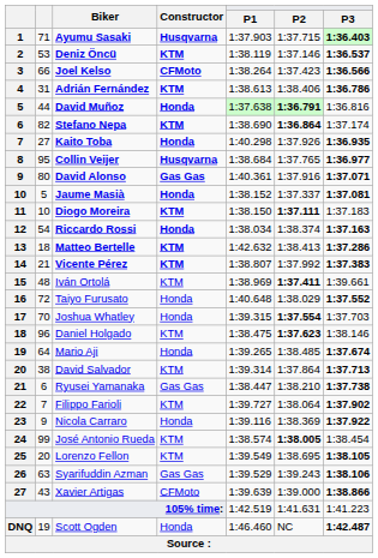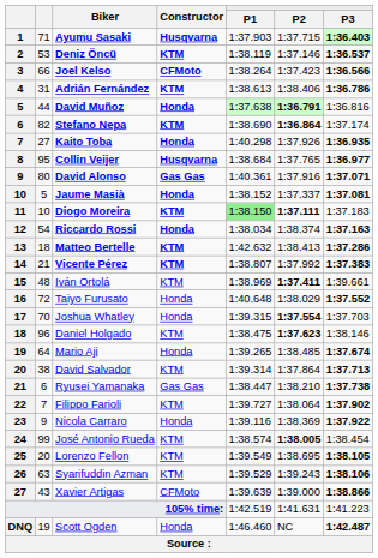 <table class="wikitable sortable" style="font-size: 85%;">
 <tr>
 <th rowspan="2"></th>
 <th rowspan="2"></th>
 <th rowspan="2">Biker</th>
 <th rowspan="2">Constructor</th>
 <th colspan="3" style="background:#eaecf0; text-align:center;"></th>
 </tr>
 <tr>
 <th scope="col">P1</th>
 <th scope="col">P2</th>
 <th scope="col">P3</th>
 </tr>
 <tr>
 <th scope="row">1</th>
 <td align="center">71</td>
 <td> <strong><a href='#'>Ayumu Sasaki</a></strong></td>
 <td><strong><a href='#'>Husqvarna</a></strong></td>
 <td>1:37.903</td>
 <td>1:37.715</td>
 <td style="background:#ccffcc;"><strong>1:36.403</strong></td>
 </tr>
 <tr>
 <th scope="row">2</th>
 <td align="center">53</td>
 <td><strong> <a href='#'>Deniz Öncü</a></strong></td>
 <td><strong><a href='#'>KTM</a></strong></td>
 <td>1:38.119</td>
 <td>1:37.146</td>
 <td><strong>1:36.537</strong></td>
 </tr>
 <tr>
 <th scope="row">3</th>
 <td align="center">66</td>
 <td><strong> <a href='#'>Joel Kelso</a></strong></td>
 <td><strong><a href='#'>CFMoto</a></strong></td>
 <td>1:38.264</td>
 <td>1:37.423</td>
 <td><strong>1:36.566</strong></td>
 </tr>
 <tr>
 <th scope="row">4</th>
 <td align="center">31</td>
 <td> <strong><a href='#'> Adrián Fernández</a></strong></td>
 <td><strong><a href='#'>KTM</a></strong></td>
 <td>1:38.613</td>
 <td>1:38.406</td>
 <td><strong>1:36.786</strong></td>
 </tr>
 <tr>
 <th scope="row">5</th>
 <td align="center">44</td>
 <td><strong></strong> <strong><a href='#'>David Muñoz</a></strong></td>
 <td><strong><a href='#'>Honda</a></strong></td>
 <td style="background:#ccffcc;">1:37.638</td>
 <td style="background:#ccffcc;"><strong>1:36.791</strong></td>
 <td>1:36.816</td>
 </tr>
 <tr>
 <th scope="row">6</th>
 <td align="center">82</td>
 <td> <strong><a href='#'>Stefano Nepa</a></strong></td>
 <td><strong><a href='#'>KTM</a></strong></td>
 <td>1:38.690</td>
 <td><strong>1:36.864</strong></td>
 <td>1:37.174</td>
 </tr>
 <tr>
 <th scope="row">7</th>
 <td align="center">27</td>
 <td><strong> <a href='#'>Kaito Toba</a></strong></td>
 <td><strong><a href='#'>Honda</a></strong></td>
 <td>1:40.298</td>
 <td>1:37.926</td>
 <td><strong>1:36.935</strong></td>
 </tr>
 <tr>
 <th scope="row">8</th>
 <td align="center">95</td>
 <td><strong> <a href='#'>Collin Veijer</a></strong></td>
 <td><strong><a href='#'>Husqvarna</a></strong></td>
 <td>1:38.684</td>
 <td>1:37.765</td>
 <td><strong>1:36.977</strong></td>
 </tr>
 <tr>
 <th scope="row">9</th>
 <td align="center">80</td>
 <td><strong> <a href='#'>David Alonso</a></strong></td>
 <td><strong><a href='#'>Gas Gas</a></strong></td>
 <td>1:40.361</td>
 <td>1:37.916</td>
 <td><strong>1:37.071</strong></td>
 </tr>
 <tr>
 <th scope="row">10</th>
 <td align="center">5</td>
 <td><strong> <a href='#'>Jaume Masià</a></strong></td>
 <td><strong><a href='#'>Honda</a></strong></td>
 <td>1:38.152</td>
 <td>1:37.337</td>
 <td><strong>1:37.081</strong></td>
 </tr>
 <tr>
 <th scope="row">11</th>
 <td align="center">10</td>
 <td> <strong><a href='#'>Diogo Moreira</a></strong></td>
 <td><strong><a href='#'>KTM</a></strong></td>
-<td>1:38.150</td>
+<td style="background: lightgreen;">1:38.150</td>
 <td><strong>1:37.111</strong></td>
 <td>1:37.183</td>
 </tr>
 <tr>
 <th scope="row">12</th>
 <td align="center">54</td>
 <td><strong> <a href='#'>Riccardo Rossi</a></strong></td>
 <td><strong><a href='#'>Honda</a></strong></td>
 <td>1:38.034</td>
 <td>1:38.374</td>
 <td><strong>1:37.163</strong></td>
 </tr>
 <tr>
 <th scope="row">13</th>
 <td align="center">18</td>
 <td><strong> <a href='#'>Matteo Bertelle</a></strong></td>
 <td><strong><a href='#'>KTM</a></strong></td>
 <td>1:42.632</td>
 <td>1:38.413</td>
 <td><strong>1:37.286</strong></td>
 </tr>
 <tr>
 <th scope="row">14</th>
 <td align="center">21</td>
 <td><strong></strong> <strong><a href='#'>Vicente Pérez</a></strong></td>
 <td><strong><a href='#'>KTM</a></strong></td>
 <td>1:38.807</td>
 <td>1:37.992</td>
 <td><strong>1:37.383</strong></td>
 </tr>
 <tr>
 <th scope="row">15</th>
 <td align="center">48</td>
 <td> <a href='#'>Iván Ortolá</a></td>
 <td><a href='#'>KTM</a></td>
 <td>1:38.969</td>
 <td><strong>1:37.411</strong></td>
 <td>1:39.661</td>
 </tr>
 <tr>
 <th scope="row">16</th>
 <td align="center">72</td>
 <td> <a href='#'>Taiyo Furusato</a></td>
 <td><a href='#'>Honda</a></td>
 <td>1:40.648</td>
 <td>1:38.029</td>
 <td><strong>1:37.552</strong></td>
 </tr>
 <tr>
 <th scope="row">17</th>
 <td align="center">70</td>
 <td> <a href='#'>Joshua Whatley</a></td>
 <td><a href='#'>Honda</a></td>
 <td>1:39.315</td>
 <td><strong>1:37.554</strong></td>
 <td>1:37.703</td>
 </tr>
 <tr>
 <th scope="row">18</th>
 <td align="center">96</td>
 <td> <a href='#'>Daniel Holgado</a></td>
 <td><a href='#'>KTM</a></td>
 <td>1:38.475</td>
 <td><strong>1:37.623</strong></td>
 <td>1:38.146</td>
 </tr>
 <tr>
 <th scope="row">19</th>
 <td align="center">64</td>
 <td> <a href='#'>Mario Aji</a></td>
 <td><a href='#'>Honda</a></td>
 <td>1:39.265</td>
 <td>1:38.485</td>
 <td><strong>1:37.674</strong></td>
 </tr>
 <tr>
 <th scope="row">20</th>
 <td align="center">38</td>
 <td> <a href='#'>David Salvador</a></td>
 <td><a href='#'>KTM</a></td>
 <td>1:39.314</td>
 <td>1:37.864</td>
 <td><strong>1:37.713</strong></td>
 </tr>
 <tr>
 <th scope="row">21</th>
 <td align="center">6</td>
 <td> <a href='#'>Ryusei Yamanaka</a></td>
 <td><a href='#'>Gas Gas</a></td>
 <td>1:38.447</td>
 <td>1:38.210</td>
 <td><strong>1:37.738</strong></td>
 </tr>
 <tr>
 <th scope="row">22</th>
 <td align="center">7</td>
 <td> <a href='#'>Filippo Farioli</a></td>
 <td><a href='#'>KTM</a></td>
 <td>1:39.727</td>
 <td>1:38.064</td>
 <td><strong>1:37.902</strong></td>
 </tr>
 <tr>
 <th scope="row">23</th>
 <td align="center">9</td>
 <td> <a href='#'>Nicola Carraro</a></td>
 <td><a href='#'>Honda</a></td>
 <td>1:39.116</td>
 <td>1:38.369</td>
 <td><strong>1:37.922</strong></td>
 </tr>
 <tr>
 <th scope="row">24</th>
 <td align="center">99</td>
 <td> <a href='#'>José Antonio Rueda</a></td>
 <td><a href='#'>KTM</a></td>
 <td>1:38.574</td>
 <td><strong>1:38.005</strong></td>
 <td>1:38.454</td>
 </tr>
 <tr>
 <th scope="row">25</th>
 <td align="center">20</td>
 <td> <a href='#'>Lorenzo Fellon</a></td>
 <td><a href='#'>KTM</a></td>
 <td>1:39.549</td>
 <td>1:38.695</td>
 <td><strong>1:38.105</strong></td>
 </tr>
 <tr>
 <th scope="row">26</th>
 <td align="center">63</td>
 <td> <a href='#'>Syarifuddin Azman</a></td>
-<td><a href='#'>Gas Gas</a></td>
+<td><a href='#'>KTM</a></td>
 <td>1:39.529</td>
 <td>1:39.243</td>
 <td><strong>1:38.106</strong></td>
 </tr>
 <tr>
 <th scope="row">27</th>
 <td align="center">43</td>
 <td> <a href='#'>Xavier Artigas</a></td>
 <td><a href='#'>CFMoto</a></td>
 <td>1:39.639</td>
 <td>1:39.000</td>
 <td><strong>1:38.866</strong></td>
 </tr>
 <tr>
 <td colspan="4" style="background-color:#eaecf0;text-align:right"><strong><a href='#'>105% time</a>:</strong></td>
 <td>1:42.519</td>
 <td>1:41.631</td>
 <td>1:41.223</td>
 </tr>
 <tr>
 <th scope="row">DNQ</th>
 <td align="center">19</td>
 <td> <a href='#'>Scott Ogden</a></td>
 <td><a href='#'>Honda</a></td>
 <td>1:46.460</td>
 <td>NC</td>
 <td><strong>1:42.487</strong></td>
 </tr>
 <tr>
 <th colspan="7">Source : </th>
 </tr>
 </table>
